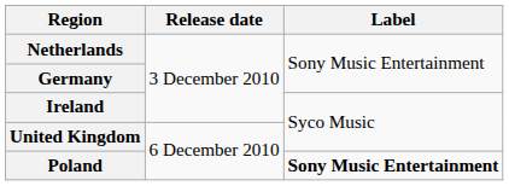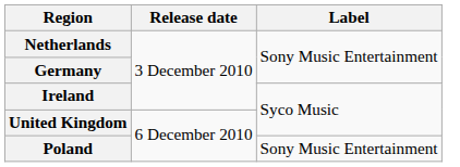 <table class="wikitable plainrowheaders">
 <tr>
 <th>Region</th>
 <th>Release date</th>
 <th>Label</th>
 </tr>
 <tr>
 <th scope="row">Netherlands</th>
 <td rowspan="3">3 December 2010</td>
 <td rowspan="2">Sony Music Entertainment</td>
 </tr>
 <tr>
 <th scope="row">Germany</th>
 </tr>
 <tr>
 <th scope="row">Ireland</th>
 <td rowspan="2">Syco Music</td>
 </tr>
 <tr>
 <th scope="row">United Kingdom</th>
 <td rowspan="2">6 December 2010</td>
 </tr>
 <tr>
 <th scope="row">Poland</th>
-<td><strong>Sony Music Entertainment</strong></td>
+<td>Sony Music Entertainment</td>
 </tr>
 </table>
